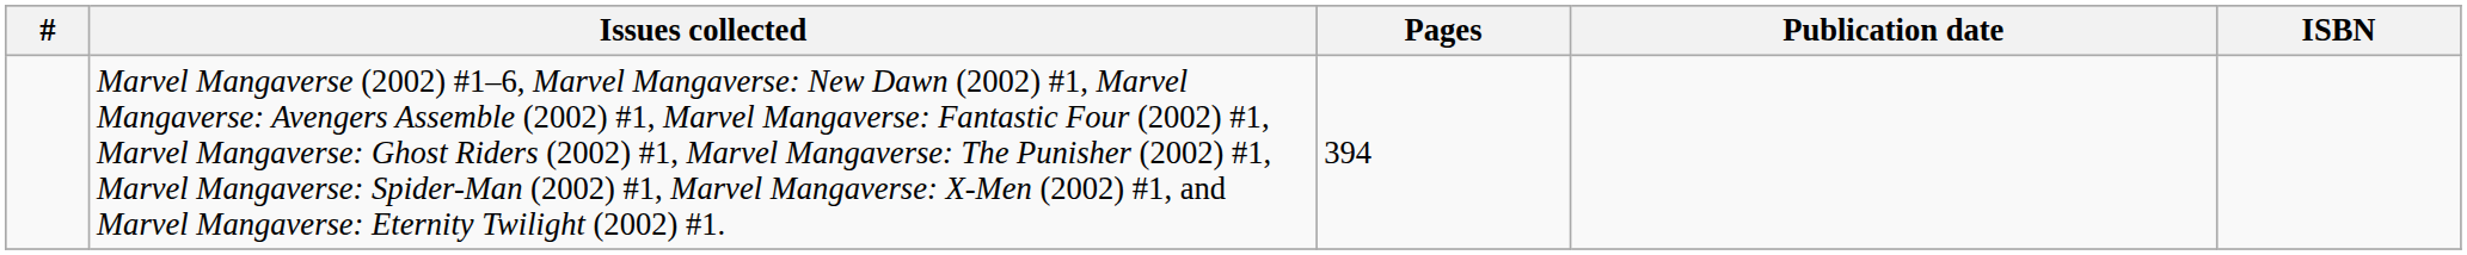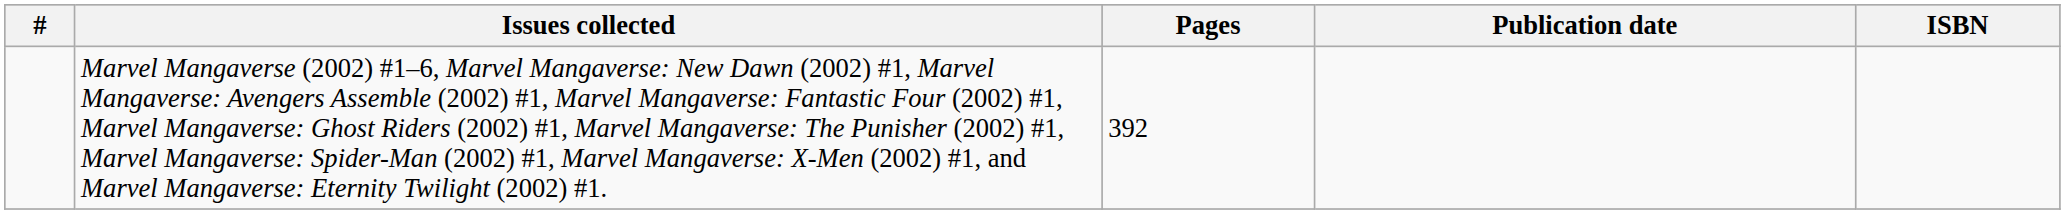 <table class="wikitable sortable" width=98%>
 <tr>
 <th class="unsortable">#</th>
 <th class="unsortable" width="50%">Issues collected</th>
 <th>Pages</th>
 <th>Publication date</th>
 <th class="unsortable">ISBN</th>
 </tr>
 <tr>
 <td></td>
 <td><em>Marvel Mangaverse</em> (2002) #1–6, <em>Marvel Mangaverse: New Dawn</em> (2002) #1, <em>Marvel Mangaverse: Avengers Assemble</em> (2002) #1, <em>Marvel Mangaverse: Fantastic Four</em> (2002) #1, <em>Marvel Mangaverse: Ghost Riders</em> (2002) #1, <em>Marvel Mangaverse: The Punisher</em> (2002) #1, <em>Marvel Mangaverse: Spider-Man</em> (2002) #1, <em>Marvel Mangaverse: X-Men</em> (2002) #1, and <em>Marvel Mangaverse: Eternity Twilight</em> (2002) #1.</td>
-<td>394</td>
+<td>392</td>
 <td></td>
 <td></td>
 </tr>
 </table>
